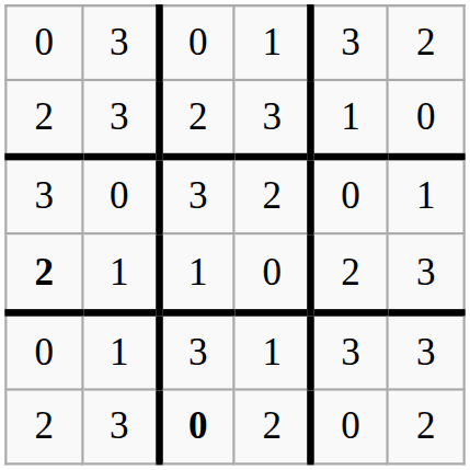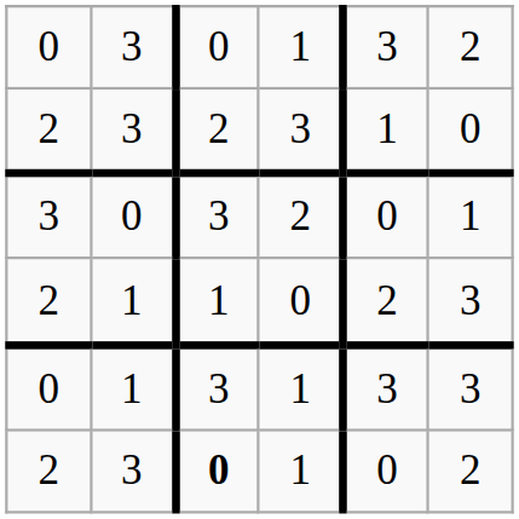 <table class="wikitable" style="margin-left:auto;margin-right:auto;text-align:center;width:12em;height:12em;table-layout:fixed;">
 <tr>
 </tr>
 <tr>
 <td>0</td>
 <td style="border-right:solid">3</td>
 <td>0</td>
 <td style="border-right:solid">1</td>
 <td>3</td>
 <td>2</td>
 </tr>
 <tr>
 <td>2</td>
 <td style="border-right:solid">3</td>
 <td>2</td>
 <td style="border-right:solid">3</td>
 <td>1</td>
 <td>0</td>
 </tr>
 <tr>
 <td style="border-top:solid">3</td>
 <td style="border-right:solid; border-top:solid">0</td>
 <td style="border-top:solid">3</td>
 <td style="border-right:solid; border-top:solid">2</td>
 <td style="border-top:solid">0</td>
 <td style="border-top:solid">1</td>
 </tr>
 <tr>
-<td><strong>2</strong></td>
+<td>2</td>
 <td style="border-right:solid">1</td>
 <td>1</td>
 <td style="border-right:solid">0</td>
 <td>2</td>
 <td>3</td>
 </tr>
 <tr>
 <td style="border-top:solid">0</td>
 <td style="border-right:solid; border-top:solid ">1</td>
 <td style="border-top:solid">3</td>
 <td style="border-right:solid; border-top:solid">1</td>
 <td style="border-top:solid">3</td>
 <td style="border-top:solid">3</td>
 </tr>
 <tr>
 <td>2</td>
 <td style="border-right:solid">3</td>
 <td><strong>0</strong></td>
-<td style="border-right:solid">2</td>
+<td style="border-right:solid">1</td>
 <td>0</td>
 <td>2</td>
 </tr>
 </table>
